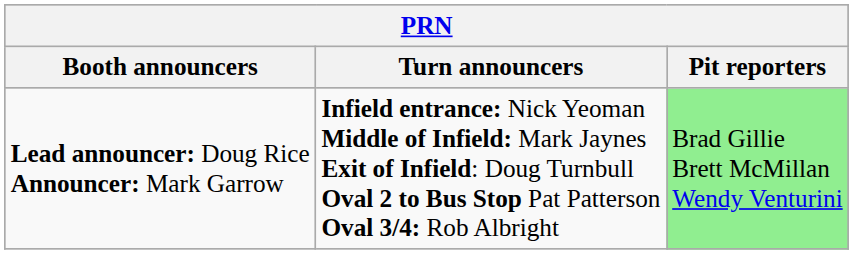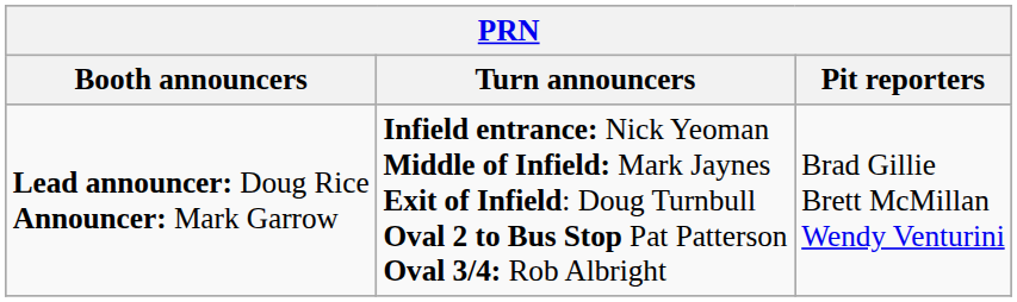 <table class="wikitable" style="font-size: 95%">
 <tr>
 <th colspan="3"><a href='#'>PRN</a></th>
 </tr>
 <tr>
 <th>Booth announcers</th>
 <th>Turn announcers</th>
 <th>Pit reporters</th>
 </tr>
 <tr>
 <td><strong>Lead announcer:</strong> Doug Rice<br><strong>Announcer:</strong> Mark Garrow</td>
 <td><strong>Infield entrance:</strong> Nick Yeoman<br><strong>Middle of Infield:</strong> Mark Jaynes<br><strong>Exit of Infield</strong>: Doug Turnbull<br><strong>Oval 2 to Bus Stop</strong> Pat Patterson<br><strong>Oval 3/4:</strong> Rob Albright</td>
-<td style="background: lightgreen;">Brad Gillie<br>Brett McMillan<br><a href='#'>Wendy Venturini</a></td>
+<td>Brad Gillie<br>Brett McMillan<br><a href='#'>Wendy Venturini</a></td>
 </tr>
 </table>
